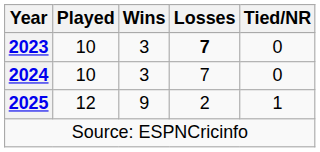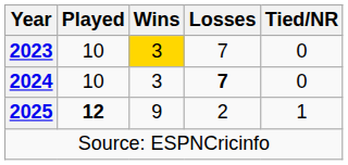 <table class="wikitable" style="text-align:center;">
 <tr>
 <th>Year</th>
 <th>Played</th>
 <th>Wins</th>
 <th>Losses</th>
 <th>Tied/NR</th>
 </tr>
 <tr>
 <th><a href='#'>2023</a></th>
 <td>10</td>
-<td>3</td>
-<td><strong>7</strong></td>
+<td style="background: gold;">3</td>
+<td>7</td>
 <td>0</td>
 </tr>
 <tr>
 <th><a href='#'>2024</a></th>
 <td>10</td>
 <td>3</td>
-<td>7</td>
+<td><strong>7</strong></td>
 <td>0</td>
 </tr>
 <tr>
 <th><a href='#'>2025</a></th>
-<td>12</td>
+<td><strong>12</strong></td>
 <td>9</td>
 <td>2</td>
 <td>1</td>
 </tr>
 <tr>
 <td colspan="5">Source: ESPNCricinfo</td>
 </tr>
 </table>
